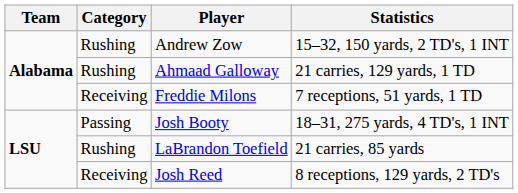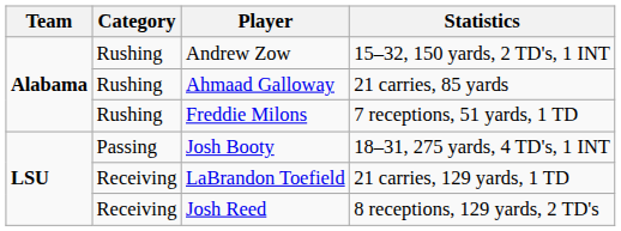 <table class="wikitable" style="float: right;">
 <tr>
 <th>Team</th>
 <th>Category</th>
 <th>Player</th>
 <th>Statistics</th>
 </tr>
 <tr>
 <td rowspan=3><strong>Alabama</strong></td>
 <td>Rushing</td>
 <td>Andrew Zow</td>
 <td>15–32, 150 yards, 2 TD's, 1 INT</td>
 </tr>
 <tr>
 <td>Rushing</td>
 <td><a href='#'>Ahmaad Galloway</a></td>
-<td>21 carries, 129 yards, 1 TD</td>
+<td>21 carries, 85 yards</td>
 </tr>
 <tr>
-<td>Receiving</td>
+<td>Rushing</td>
 <td><a href='#'>Freddie Milons</a></td>
 <td>7 receptions, 51 yards, 1 TD</td>
 </tr>
 <tr>
 <td rowspan=3><strong>LSU</strong></td>
 <td>Passing</td>
 <td><a href='#'>Josh Booty</a></td>
 <td>18–31, 275 yards, 4 TD's, 1 INT</td>
 </tr>
 <tr>
-<td>Rushing</td>
+<td>Receiving</td>
 <td><a href='#'>LaBrandon Toefield</a></td>
-<td>21 carries, 85 yards</td>
+<td>21 carries, 129 yards, 1 TD</td>
 </tr>
 <tr>
 <td>Receiving</td>
 <td><a href='#'>Josh Reed</a></td>
 <td>8 receptions, 129 yards, 2 TD's</td>
 </tr>
 </table>
